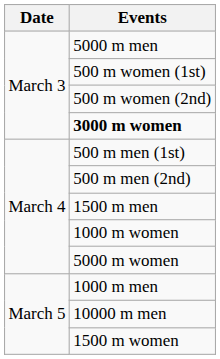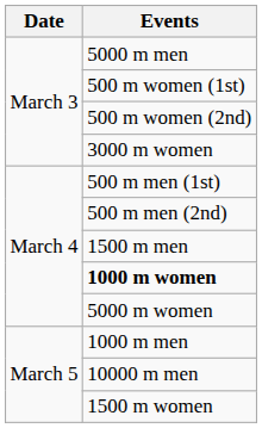 <table class="wikitable" border="1">
 <tr>
 <th>Date</th>
 <th>Events</th>
 </tr>
 <tr>
 <td rowspan=4>March 3</td>
 <td>5000 m men</td>
 </tr>
 <tr>
 <td>500 m women (1st)</td>
 </tr>
 <tr>
 <td>500 m women (2nd)</td>
 </tr>
 <tr>
-<td><strong>3000 m women</strong></td>
+<td>3000 m women</td>
 </tr>
 <tr>
 <td rowspan=5>March 4</td>
 <td>500 m men (1st)</td>
 </tr>
 <tr>
 <td>500 m men (2nd)</td>
 </tr>
 <tr>
 <td>1500 m men</td>
 </tr>
 <tr>
-<td>1000 m women</td>
+<td><strong>1000 m women</strong></td>
 </tr>
 <tr>
 <td>5000 m women</td>
 </tr>
 <tr>
 <td rowspan=3>March 5</td>
 <td>1000 m men</td>
 </tr>
 <tr>
 <td>10000 m men</td>
 </tr>
 <tr>
 <td>1500 m women</td>
 </tr>
 </table>
